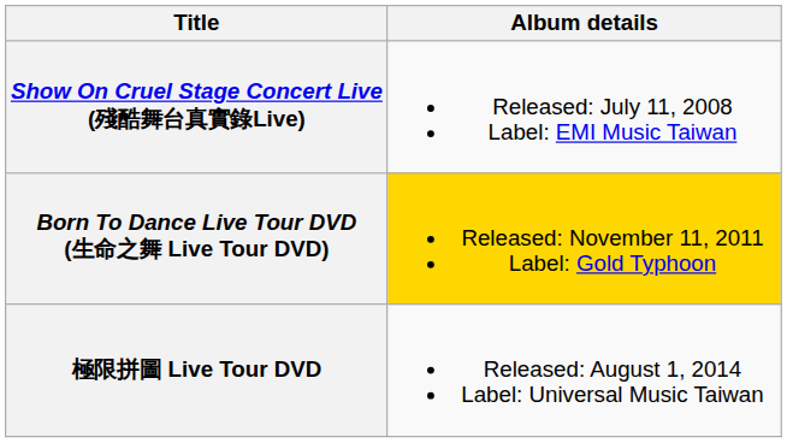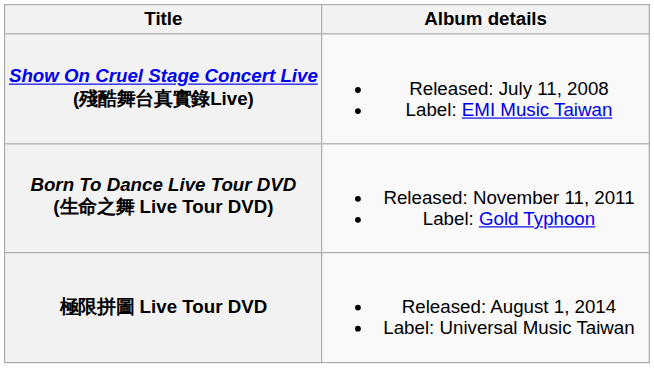 <table class="wikitable plainrowheaders" style="text-align:center;">
 <tr>
 <th rowspan="1">Title</th>
 <th rowspan="1" style="width:17em;">Album details</th>
 </tr>
 <tr>
 <th scope="row"><em><a href='#'>Show On Cruel Stage Concert Live</a></em><br>(殘酷舞台真實錄Live)</th>
 <td><br><ul><li>Released: July 11, 2008</li><li>Label: <a href='#'>EMI Music Taiwan</a></li></ul></td>
 </tr>
 <tr>
 <th scope="row"><em>Born To Dance Live Tour DVD</em><br>(生命之舞 Live Tour DVD)</th>
-<td style="background: gold;"><br><ul><li>Released: November 11, 2011</li><li>Label: <a href='#'>Gold Typhoon</a></li></ul></td>
+<td><br><ul><li>Released: November 11, 2011</li><li>Label: <a href='#'>Gold Typhoon</a></li></ul></td>
 </tr>
 <tr>
 <th scope="row">極限拼圖 Live Tour DVD</th>
 <td><br><ul><li>Released: August 1, 2014</li><li>Label: Universal Music Taiwan</li></ul></td>
 </tr>
 </table>
